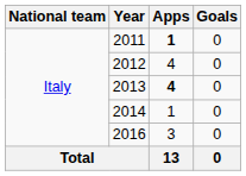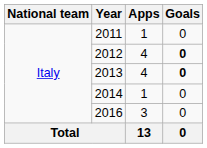 <table class=wikitable style=text-align:center>
 <tr>
 <th>National team</th>
 <th>Year</th>
 <th>Apps</th>
 <th>Goals</th>
 </tr>
 <tr>
 <td rowspan=5><a href='#'>Italy</a></td>
 <td>2011</td>
-<td><strong>1</strong></td>
+<td>1</td>
 <td>0</td>
 </tr>
 <tr>
 <td>2012</td>
 <td>4</td>
-<td>0</td>
+<td><strong>0</strong></td>
 </tr>
 <tr>
 <td>2013</td>
-<td><strong>4</strong></td>
-<td>0</td>
+<td>4</td>
+<td><strong>0</strong></td>
 </tr>
 <tr>
 <td>2014</td>
 <td>1</td>
 <td>0</td>
 </tr>
 <tr>
 <td>2016</td>
 <td>3</td>
 <td>0</td>
 </tr>
 <tr>
 <th colspan=2>Total</th>
 <th>13</th>
 <th>0</th>
 </tr>
 </table>
